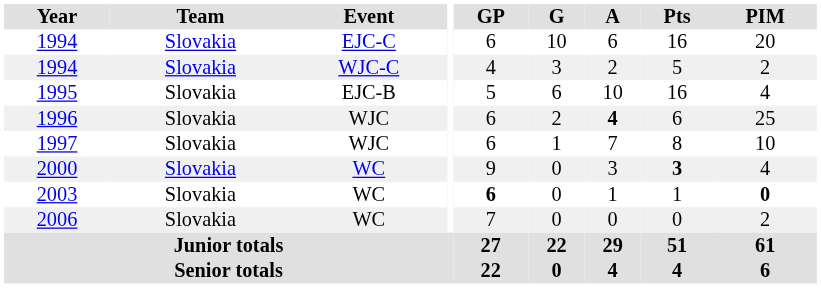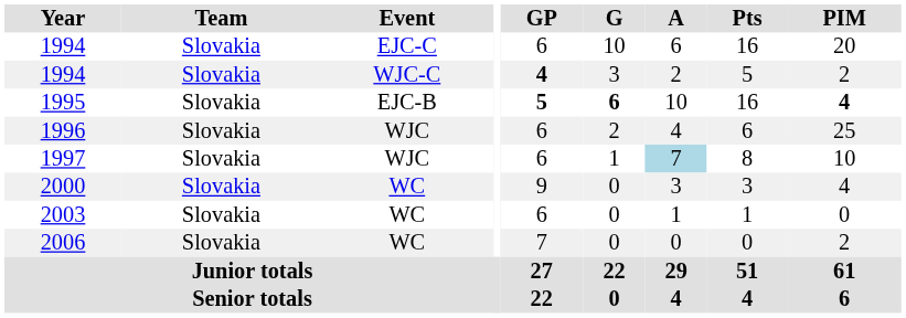 <table border="0" cellpadding="1" cellspacing="0" ID="Table3" style="text-align:center; width:40em">
 <tr bgcolor="#e0e0e0">
 <th>Year</th>
 <th>Team</th>
 <th>Event</th>
 <th rowspan="102" bgcolor="#ffffff"></th>
 <th>GP</th>
 <th>G</th>
 <th>A</th>
 <th>Pts</th>
 <th>PIM</th>
 </tr>
 <tr>
 <td><a href='#'>1994</a></td>
 <td><a href='#'>Slovakia</a></td>
 <td><a href='#'>EJC-C</a></td>
 <td>6</td>
 <td>10</td>
 <td>6</td>
 <td>16</td>
 <td>20</td>
 </tr>
 <tr bgcolor="#f0f0f0">
 <td><a href='#'>1994</a></td>
 <td><a href='#'>Slovakia</a></td>
 <td><a href='#'>WJC-C</a></td>
-<td>4</td>
+<td><strong>4</strong></td>
 <td>3</td>
 <td>2</td>
 <td>5</td>
 <td>2</td>
 </tr>
 <tr>
 <td><a href='#'>1995</a></td>
 <td>Slovakia</td>
 <td>EJC-B</td>
-<td>5</td>
-<td>6</td>
+<td><strong>5</strong></td>
+<td><strong>6</strong></td>
 <td>10</td>
 <td>16</td>
-<td>4</td>
+<td><strong>4</strong></td>
 </tr>
 <tr bgcolor="#f0f0f0">
 <td><a href='#'>1996</a></td>
 <td>Slovakia</td>
 <td>WJC</td>
 <td>6</td>
 <td>2</td>
-<td><strong>4</strong></td>
+<td>4</td>
 <td>6</td>
 <td>25</td>
 </tr>
 <tr>
 <td><a href='#'>1997</a></td>
 <td>Slovakia</td>
 <td>WJC</td>
 <td>6</td>
 <td>1</td>
-<td>7</td>
+<td style="background: lightblue;">7</td>
 <td>8</td>
 <td>10</td>
 </tr>
 <tr bgcolor="#f0f0f0">
 <td><a href='#'>2000</a></td>
 <td><a href='#'>Slovakia</a></td>
 <td><a href='#'>WC</a></td>
 <td>9</td>
 <td>0</td>
 <td>3</td>
-<td><strong>3</strong></td>
+<td>3</td>
 <td>4</td>
 </tr>
 <tr>
 <td><a href='#'>2003</a></td>
 <td>Slovakia</td>
 <td>WC</td>
-<td><strong>6</strong></td>
+<td>6</td>
 <td>0</td>
 <td>1</td>
 <td>1</td>
-<td><strong>0</strong></td>
+<td>0</td>
 </tr>
 <tr bgcolor="#f0f0f0">
 <td><a href='#'>2006</a></td>
 <td>Slovakia</td>
 <td>WC</td>
 <td>7</td>
 <td>0</td>
 <td>0</td>
 <td>0</td>
 <td>2</td>
 </tr>
 <tr bgcolor="#e0e0e0">
 <th colspan="4">Junior totals</th>
 <th>27</th>
 <th>22</th>
 <th>29</th>
 <th>51</th>
 <th>61</th>
 </tr>
 <tr bgcolor="#e0e0e0">
 <th colspan="4">Senior totals</th>
 <th>22</th>
 <th>0</th>
 <th>4</th>
 <th>4</th>
 <th>6</th>
 </tr>
 </table>
